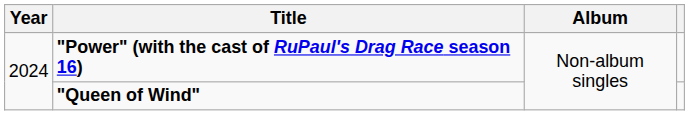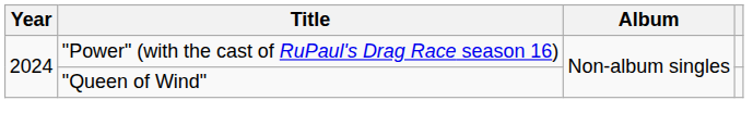 <table class="wikitable plainrowheaders sortable">
 <tr>
 <th>Year</th>
 <th>Title</th>
 <th>Album</th>
 <th class="unsortable" style="text-align: center;"></th>
 </tr>
 <tr>
 <td rowspan="2">2024</td>
-<td><strong>"Power" (with the cast of <a href='#'><em>RuPaul's Drag Race</em> season 16</a>)</strong></td>
+<td>"Power" (with the cast of <a href='#'><em>RuPaul's Drag Race</em> season 16</a>)</td>
 <td rowspan="2" style="text-align: center;">Non-album singles</td>
 <td></td>
 </tr>
 <tr>
-<td><strong>"Queen of Wind"</strong></td>
+<td>"Queen of Wind"</td>
 <td></td>
 </tr>
 </table>
